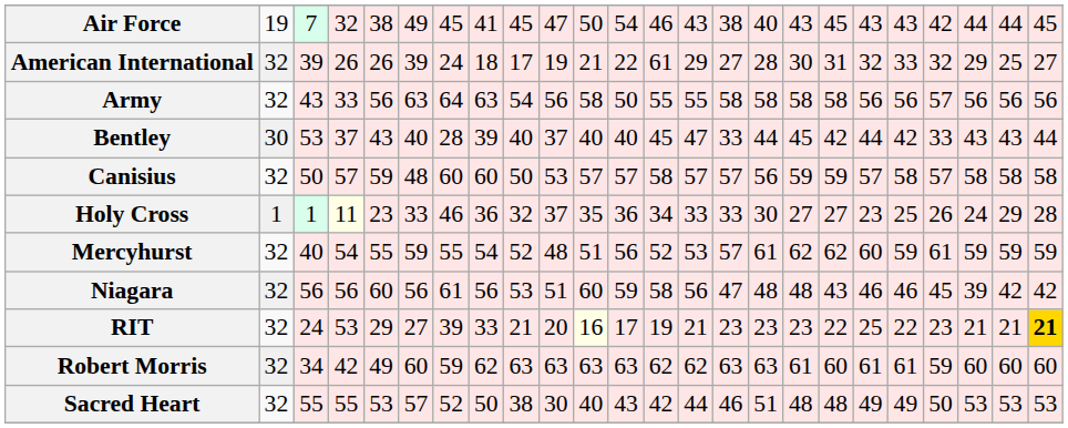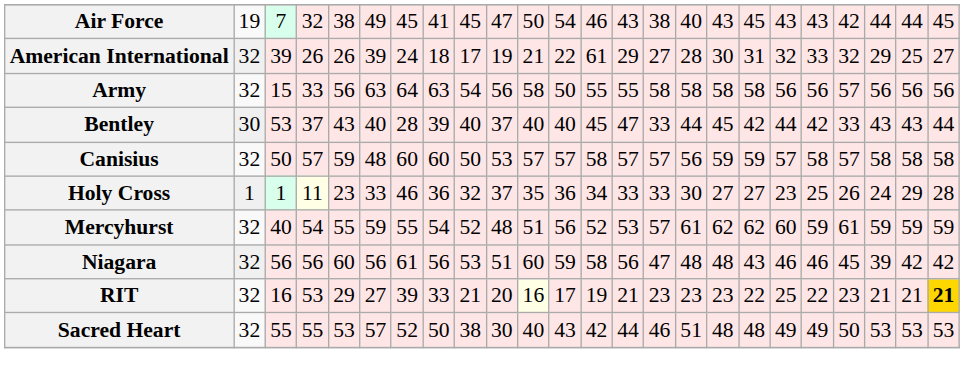 <table class="wikitable sortable" style="text-align: center;">
 <tr>
 </tr>
 <tr>
 <th>Air Force</th>
 <td>19</td>
 <td bgcolor=D8FFEB>7</td>
 <td bgcolor=FFE6E6>32</td>
 <td bgcolor=FFE6E6>38</td>
 <td bgcolor=FFE6E6>49</td>
 <td bgcolor=FFE6E6>45</td>
 <td bgcolor=FFE6E6>41</td>
 <td bgcolor=FFE6E6>45</td>
 <td bgcolor=FFE6E6>47</td>
 <td bgcolor=FFE6E6>50</td>
 <td bgcolor=FFE6E6>54</td>
 <td bgcolor=FFE6E6>46</td>
 <td bgcolor=FFE6E6>43</td>
 <td bgcolor=FFE6E6>38</td>
 <td bgcolor=FFE6E6>40</td>
 <td bgcolor=FFE6E6>43</td>
 <td bgcolor=FFE6E6>45</td>
 <td bgcolor=FFE6E6>43</td>
 <td bgcolor=FFE6E6>43</td>
 <td bgcolor=FFE6E6>42</td>
 <td bgcolor=FFE6E6>44</td>
 <td bgcolor=FFE6E6>44</td>
 <td bgcolor=FFE6E6>45</td>
 </tr>
 <tr bgcolor=f0f0f0>
 <th>American International</th>
 <td>32</td>
 <td bgcolor=FFE6E6>39</td>
 <td bgcolor=FFE6E6>26</td>
 <td bgcolor=FFE6E6>26</td>
 <td bgcolor=FFE6E6>39</td>
 <td bgcolor=FFE6E6>24</td>
 <td bgcolor=FFE6E6>18</td>
 <td bgcolor=FFE6E6>17</td>
 <td bgcolor=FFE6E6>19</td>
 <td bgcolor=FFE6E6>21</td>
 <td bgcolor=FFE6E6>22</td>
 <td bgcolor=FFE6E6>61</td>
 <td bgcolor=FFE6E6>29</td>
 <td bgcolor=FFE6E6>27</td>
 <td bgcolor=FFE6E6>28</td>
 <td bgcolor=FFE6E6>30</td>
 <td bgcolor=FFE6E6>31</td>
 <td bgcolor=FFE6E6>32</td>
 <td bgcolor=FFE6E6>33</td>
 <td bgcolor=FFE6E6>32</td>
 <td bgcolor=FFE6E6>29</td>
 <td bgcolor=FFE6E6>25</td>
 <td bgcolor=FFE6E6>27</td>
 </tr>
 <tr>
 <th>Army</th>
 <td>32</td>
-<td bgcolor=FFE6E6>43</td>
+<td bgcolor=FFE6E6>15</td>
 <td bgcolor=FFE6E6>33</td>
 <td bgcolor=FFE6E6>56</td>
 <td bgcolor=FFE6E6>63</td>
 <td bgcolor=FFE6E6>64</td>
 <td bgcolor=FFE6E6>63</td>
 <td bgcolor=FFE6E6>54</td>
 <td bgcolor=FFE6E6>56</td>
 <td bgcolor=FFE6E6>58</td>
 <td bgcolor=FFE6E6>50</td>
 <td bgcolor=FFE6E6>55</td>
 <td bgcolor=FFE6E6>55</td>
 <td bgcolor=FFE6E6>58</td>
 <td bgcolor=FFE6E6>58</td>
 <td bgcolor=FFE6E6>58</td>
 <td bgcolor=FFE6E6>58</td>
 <td bgcolor=FFE6E6>56</td>
 <td bgcolor=FFE6E6>56</td>
 <td bgcolor=FFE6E6>57</td>
 <td bgcolor=FFE6E6>56</td>
 <td bgcolor=FFE6E6>56</td>
 <td bgcolor=FFE6E6>56</td>
 </tr>
 <tr bgcolor=f0f0f0>
 <th>Bentley</th>
 <td>30</td>
 <td bgcolor=FFE6E6>53</td>
 <td bgcolor=FFE6E6>37</td>
 <td bgcolor=FFE6E6>43</td>
 <td bgcolor=FFE6E6>40</td>
 <td bgcolor=FFE6E6>28</td>
 <td bgcolor=FFE6E6>39</td>
 <td bgcolor=FFE6E6>40</td>
 <td bgcolor=FFE6E6>37</td>
 <td bgcolor=FFE6E6>40</td>
 <td bgcolor=FFE6E6>40</td>
 <td bgcolor=FFE6E6>45</td>
 <td bgcolor=FFE6E6>47</td>
 <td bgcolor=FFE6E6>33</td>
 <td bgcolor=FFE6E6>44</td>
 <td bgcolor=FFE6E6>45</td>
 <td bgcolor=FFE6E6>42</td>
 <td bgcolor=FFE6E6>44</td>
 <td bgcolor=FFE6E6>42</td>
 <td bgcolor=FFE6E6>33</td>
 <td bgcolor=FFE6E6>43</td>
 <td bgcolor=FFE6E6>43</td>
 <td bgcolor=FFE6E6>44</td>
 </tr>
 <tr>
 <th>Canisius</th>
 <td>32</td>
 <td bgcolor=FFE6E6>50</td>
 <td bgcolor=FFE6E6>57</td>
 <td bgcolor=FFE6E6>59</td>
 <td bgcolor=FFE6E6>48</td>
 <td bgcolor=FFE6E6>60</td>
 <td bgcolor=FFE6E6>60</td>
 <td bgcolor=FFE6E6>50</td>
 <td bgcolor=FFE6E6>53</td>
 <td bgcolor=FFE6E6>57</td>
 <td bgcolor=FFE6E6>57</td>
 <td bgcolor=FFE6E6>58</td>
 <td bgcolor=FFE6E6>57</td>
 <td bgcolor=FFE6E6>57</td>
 <td bgcolor=FFE6E6>56</td>
 <td bgcolor=FFE6E6>59</td>
 <td bgcolor=FFE6E6>59</td>
 <td bgcolor=FFE6E6>57</td>
 <td bgcolor=FFE6E6>58</td>
 <td bgcolor=FFE6E6>57</td>
 <td bgcolor=FFE6E6>58</td>
 <td bgcolor=FFE6E6>58</td>
 <td bgcolor=FFE6E6>58</td>
 </tr>
 <tr bgcolor=f0f0f0>
 <th>Holy Cross</th>
 <td>1</td>
 <td bgcolor=D8FFEB>1</td>
 <td bgcolor=FFFFE6>11</td>
 <td bgcolor=FFE6E6>23</td>
 <td bgcolor=FFE6E6>33</td>
 <td bgcolor=FFE6E6>46</td>
 <td bgcolor=FFE6E6>36</td>
 <td bgcolor=FFE6E6>32</td>
 <td bgcolor=FFE6E6>37</td>
 <td bgcolor=FFE6E6>35</td>
 <td bgcolor=FFE6E6>36</td>
 <td bgcolor=FFE6E6>34</td>
 <td bgcolor=FFE6E6>33</td>
 <td bgcolor=FFE6E6>33</td>
 <td bgcolor=FFE6E6>30</td>
 <td bgcolor=FFE6E6>27</td>
 <td bgcolor=FFE6E6>27</td>
 <td bgcolor=FFE6E6>23</td>
 <td bgcolor=FFE6E6>25</td>
 <td bgcolor=FFE6E6>26</td>
 <td bgcolor=FFE6E6>24</td>
 <td bgcolor=FFE6E6>29</td>
 <td bgcolor=FFE6E6>28</td>
 </tr>
 <tr>
 <th>Mercyhurst</th>
 <td>32</td>
 <td bgcolor=FFE6E6>40</td>
 <td bgcolor=FFE6E6>54</td>
 <td bgcolor=FFE6E6>55</td>
 <td bgcolor=FFE6E6>59</td>
 <td bgcolor=FFE6E6>55</td>
 <td bgcolor=FFE6E6>54</td>
 <td bgcolor=FFE6E6>52</td>
 <td bgcolor=FFE6E6>48</td>
 <td bgcolor=FFE6E6>51</td>
 <td bgcolor=FFE6E6>56</td>
 <td bgcolor=FFE6E6>52</td>
 <td bgcolor=FFE6E6>53</td>
 <td bgcolor=FFE6E6>57</td>
 <td bgcolor=FFE6E6>61</td>
 <td bgcolor=FFE6E6>62</td>
 <td bgcolor=FFE6E6>62</td>
 <td bgcolor=FFE6E6>60</td>
 <td bgcolor=FFE6E6>59</td>
 <td bgcolor=FFE6E6>61</td>
 <td bgcolor=FFE6E6>59</td>
 <td bgcolor=FFE6E6>59</td>
 <td bgcolor=FFE6E6>59</td>
 </tr>
 <tr bgcolor=f0f0f0>
 <th>Niagara</th>
 <td>32</td>
 <td bgcolor=FFE6E6>56</td>
 <td bgcolor=FFE6E6>56</td>
 <td bgcolor=FFE6E6>60</td>
 <td bgcolor=FFE6E6>56</td>
 <td bgcolor=FFE6E6>61</td>
 <td bgcolor=FFE6E6>56</td>
 <td bgcolor=FFE6E6>53</td>
 <td bgcolor=FFE6E6>51</td>
 <td bgcolor=FFE6E6>60</td>
 <td bgcolor=FFE6E6>59</td>
 <td bgcolor=FFE6E6>58</td>
 <td bgcolor=FFE6E6>56</td>
 <td bgcolor=FFE6E6>47</td>
 <td bgcolor=FFE6E6>48</td>
 <td bgcolor=FFE6E6>48</td>
 <td bgcolor=FFE6E6>43</td>
 <td bgcolor=FFE6E6>46</td>
 <td bgcolor=FFE6E6>46</td>
 <td bgcolor=FFE6E6>45</td>
 <td bgcolor=FFE6E6>39</td>
 <td bgcolor=FFE6E6>42</td>
 <td bgcolor=FFE6E6>42</td>
 </tr>
 <tr>
 <th>RIT</th>
 <td>32</td>
-<td bgcolor=FFE6E6>24</td>
+<td bgcolor=FFE6E6>16</td>
 <td bgcolor=FFE6E6>53</td>
 <td bgcolor=FFE6E6>29</td>
 <td bgcolor=FFE6E6>27</td>
 <td bgcolor=FFE6E6>39</td>
 <td bgcolor=FFE6E6>33</td>
 <td bgcolor=FFE6E6>21</td>
 <td bgcolor=FFE6E6>20</td>
 <td bgcolor=FFFFE6>16</td>
 <td bgcolor=FFE6E6>17</td>
 <td bgcolor=FFE6E6>19</td>
 <td bgcolor=FFE6E6>21</td>
 <td bgcolor=FFE6E6>23</td>
 <td bgcolor=FFE6E6>23</td>
 <td bgcolor=FFE6E6>23</td>
 <td bgcolor=FFE6E6>22</td>
 <td bgcolor=FFE6E6>25</td>
 <td bgcolor=FFE6E6>22</td>
 <td bgcolor=FFE6E6>23</td>
 <td bgcolor=FFE6E6>21</td>
 <td bgcolor=FFE6E6>21</td>
 <td bgcolor=gold><strong>21</strong></td>
-</tr>
-<tr bgcolor=f0f0f0>
-<th>Robert Morris</th>
-<td>32</td>
-<td bgcolor=FFE6E6>34</td>
-<td bgcolor=FFE6E6>42</td>
-<td bgcolor=FFE6E6>49</td>
-<td bgcolor=FFE6E6>60</td>
-<td bgcolor=FFE6E6>59</td>
-<td bgcolor=FFE6E6>62</td>
-<td bgcolor=FFE6E6>63</td>
-<td bgcolor=FFE6E6>63</td>
-<td bgcolor=FFE6E6>63</td>
-<td bgcolor=FFE6E6>63</td>
-<td bgcolor=FFE6E6>62</td>
-<td bgcolor=FFE6E6>62</td>
-<td bgcolor=FFE6E6>63</td>
-<td bgcolor=FFE6E6>63</td>
-<td bgcolor=FFE6E6>61</td>
-<td bgcolor=FFE6E6>60</td>
-<td bgcolor=FFE6E6>61</td>
-<td bgcolor=FFE6E6>61</td>
-<td bgcolor=FFE6E6>59</td>
-<td bgcolor=FFE6E6>60</td>
-<td bgcolor=FFE6E6>60</td>
-<td bgcolor=FFE6E6>60</td>
 </tr>
 <tr>
 <th>Sacred Heart</th>
 <td>32</td>
 <td bgcolor=FFE6E6>55</td>
 <td bgcolor=FFE6E6>55</td>
 <td bgcolor=FFE6E6>53</td>
 <td bgcolor=FFE6E6>57</td>
 <td bgcolor=FFE6E6>52</td>
 <td bgcolor=FFE6E6>50</td>
 <td bgcolor=FFE6E6>38</td>
 <td bgcolor=FFE6E6>30</td>
 <td bgcolor=FFE6E6>40</td>
 <td bgcolor=FFE6E6>43</td>
 <td bgcolor=FFE6E6>42</td>
 <td bgcolor=FFE6E6>44</td>
 <td bgcolor=FFE6E6>46</td>
 <td bgcolor=FFE6E6>51</td>
 <td bgcolor=FFE6E6>48</td>
 <td bgcolor=FFE6E6>48</td>
 <td bgcolor=FFE6E6>49</td>
 <td bgcolor=FFE6E6>49</td>
 <td bgcolor=FFE6E6>50</td>
 <td bgcolor=FFE6E6>53</td>
 <td bgcolor=FFE6E6>53</td>
 <td bgcolor=FFE6E6>53</td>
 </tr>
 <tr>
 </tr>
 </table>
